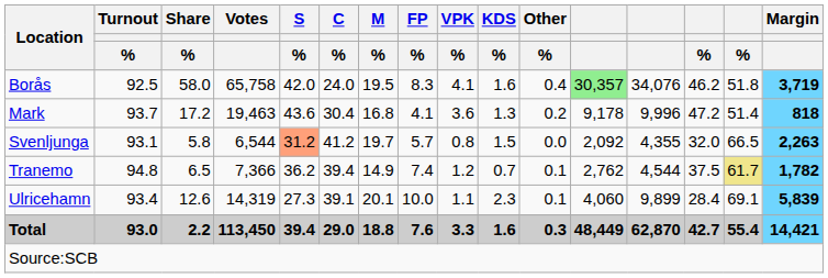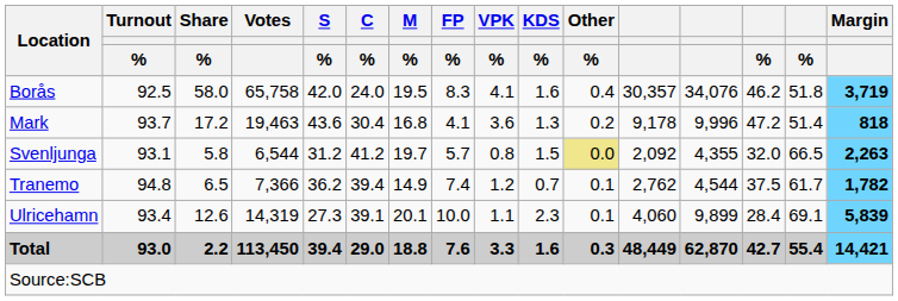 <table class="wikitable sortable" style="text-align:right; font-size:95%; line-height:20px;">
 <tr>
 <th rowspan="3">Location</th>
 <th>Turnout</th>
 <th>Share</th>
 <th>Votes</th>
 <th width="30px" class="unsortable"><a href='#'>S</a></th>
 <th width="30px" class="unsortable"><a href='#'>C</a></th>
 <th width="30px" class="unsortable"><a href='#'>M</a></th>
 <th width="30px" class="unsortable"><a href='#'>FP</a></th>
 <th width="30px" class="unsortable"><a href='#'>VPK</a></th>
 <th width="30px" class="unsortable"><a href='#'>KDS</a></th>
 <th width="30px" class="unsortable">Other</th>
 <th></th>
 <th></th>
 <th></th>
 <th></th>
 <th>Margin</th>
 </tr>
 <tr>
 <th></th>
 <th></th>
 <th></th>
 <th style="background:"></th>
 <th style="background:"></th>
 <th style="background:"></th>
 <th style="background:"></th>
 <th style="background:"></th>
 <th style="background:"></th>
 <th style="background:"></th>
 <th style="background:"></th>
 <th style="background:"></th>
 <th style="background:"></th>
 <th style="background:"></th>
 <th></th>
 </tr>
 <tr>
 <th data-sort-type="number">%</th>
 <th data-sort-type="number">%</th>
 <th></th>
 <th data-sort-type="number">%</th>
 <th data-sort-type="number">%</th>
 <th data-sort-type="number">%</th>
 <th data-sort-type="number">%</th>
 <th data-sort-type="number">%</th>
 <th data-sort-type="number">%</th>
 <th data-sort-type="number">%</th>
 <th data-sort-type="number"></th>
 <th data-sort-type="number"></th>
 <th data-sort-type="number">%</th>
 <th data-sort-type="number">%</th>
 <th data-sort-type="number"></th>
 </tr>
 <tr>
 <td align=left><a href='#'>Borås</a></td>
 <td>92.5</td>
 <td>58.0</td>
 <td>65,758</td>
 <td>42.0</td>
 <td>24.0</td>
 <td>19.5</td>
 <td>8.3</td>
 <td>4.1</td>
 <td>1.6</td>
 <td>0.4</td>
-<td style="background: lightgreen;">30,357</td>
+<td>30,357</td>
 <td>34,076</td>
 <td>46.2</td>
 <td>51.8</td>
 <td bgcolor=#6fd5fe><strong>3,719</strong></td>
 </tr>
 <tr>
 <td align=left><a href='#'>Mark</a></td>
 <td>93.7</td>
 <td>17.2</td>
 <td>19,463</td>
 <td>43.6</td>
 <td>30.4</td>
 <td>16.8</td>
 <td>4.1</td>
 <td>3.6</td>
 <td>1.3</td>
 <td>0.2</td>
 <td>9,178</td>
 <td>9,996</td>
 <td>47.2</td>
 <td>51.4</td>
 <td bgcolor=#6fd5fe><strong>818</strong></td>
 </tr>
 <tr>
 <td align=left><a href='#'>Svenljunga</a></td>
 <td>93.1</td>
 <td>5.8</td>
 <td>6,544</td>
-<td style="background: lightsalmon;">31.2</td>
+<td>31.2</td>
 <td>41.2</td>
 <td>19.7</td>
 <td>5.7</td>
 <td>0.8</td>
 <td>1.5</td>
-<td>0.0</td>
+<td style="background: khaki;">0.0</td>
 <td>2,092</td>
 <td>4,355</td>
 <td>32.0</td>
 <td>66.5</td>
 <td bgcolor=#6fd5fe><strong>2,263</strong></td>
 </tr>
 <tr>
 <td align=left><a href='#'>Tranemo</a></td>
 <td>94.8</td>
 <td>6.5</td>
 <td>7,366</td>
 <td>36.2</td>
 <td>39.4</td>
 <td>14.9</td>
 <td>7.4</td>
 <td>1.2</td>
 <td>0.7</td>
 <td>0.1</td>
 <td>2,762</td>
 <td>4,544</td>
 <td>37.5</td>
-<td style="background: khaki;">61.7</td>
+<td>61.7</td>
 <td bgcolor=#6fd5fe><strong>1,782</strong></td>
 </tr>
 <tr>
 <td align=left><a href='#'>Ulricehamn</a></td>
 <td>93.4</td>
 <td>12.6</td>
 <td>14,319</td>
 <td>27.3</td>
 <td>39.1</td>
 <td>20.1</td>
 <td>10.0</td>
 <td>1.1</td>
 <td>2.3</td>
 <td>0.1</td>
 <td>4,060</td>
 <td>9,899</td>
 <td>28.4</td>
 <td>69.1</td>
 <td bgcolor=#6fd5fe><strong>5,839</strong></td>
 </tr>
 <tr style="background:#CDCDCD;">
 <td align=left><strong>Total</strong></td>
 <td><strong>93.0</strong></td>
 <td><strong>2.2</strong></td>
 <td><strong>113,450</strong></td>
 <td><strong>39.4</strong></td>
 <td><strong>29.0</strong></td>
 <td><strong>18.8</strong></td>
 <td><strong>7.6</strong></td>
 <td><strong>3.3</strong></td>
 <td><strong>1.6</strong></td>
 <td><strong>0.3</strong></td>
 <td><strong>48,449</strong></td>
 <td><strong>62,870</strong></td>
 <td><strong>42.7</strong></td>
 <td><strong>55.4</strong></td>
 <td bgcolor=#6fd5fe><strong>14,421</strong></td>
 </tr>
 <tr>
 <td align=left colspan=16>Source:SCB </td>
 </tr>
 </table>
